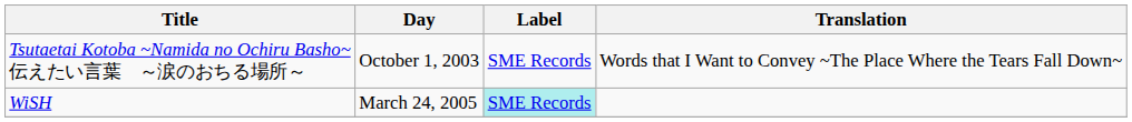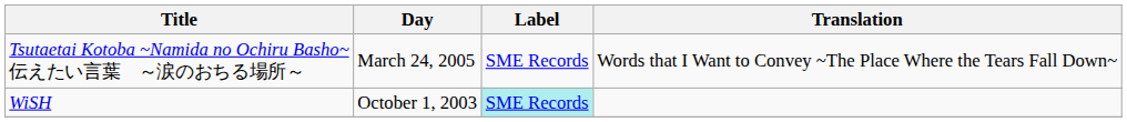 <table class="wikitable">
 <tr>
 <th>Title</th>
 <th>Day</th>
 <th>Label</th>
 <th>Translation</th>
 </tr>
 <tr>
 <td><em><a href='#'>Tsutaetai Kotoba ~Namida no Ochiru Basho~</a></em><br>伝えたい言葉　～涙のおちる場所～</td>
-<td>October 1, 2003</td>
+<td>March 24, 2005</td>
 <td><a href='#'>SME Records</a></td>
 <td>Words that I Want to Convey ~The Place Where the Tears Fall Down~</td>
 </tr>
 <tr>
 <td><em><a href='#'>WiSH</a></em></td>
-<td>March 24, 2005</td>
+<td>October 1, 2003</td>
 <td style="background: paleturquoise;"><a href='#'>SME Records</a></td>
 <td></td>
 </tr>
 <tr>
 </tr>
 </table>
